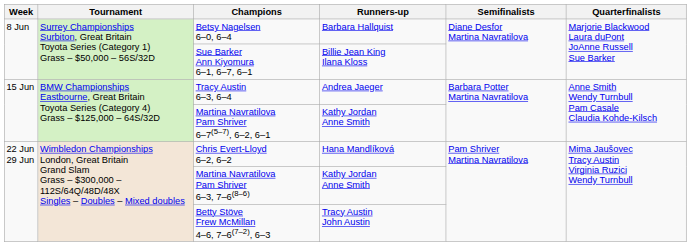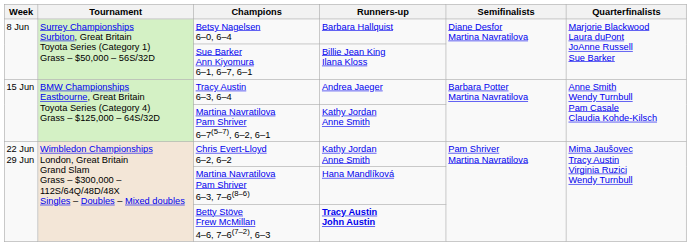 <table class=wikitable style=font-size:95%>
 <tr>
 <th style="width:48px;">Week</th>
 <th style="width:248px;">Tournament</th>
 <th style="width:200px;">Champions</th>
 <th style="width:200px;">Runners-up</th>
 <th style="width:190px;">Semifinalists</th>
 <th style="width:190px;">Quarterfinalists</th>
 </tr>
 <tr valign="top">
 <td rowspan=2>8 Jun</td>
 <td rowspan=2 bgcolor=#D4F1C5><a href='#'>Surrey Championships</a><br> <a href='#'>Surbiton</a>, Great Britain<br>Toyota Series  (Category 1)<br>Grass – $50,000 – 56S/32D</td>
 <td> <a href='#'>Betsy Nagelsen</a><br>6–0, 6–4</td>
 <td> <a href='#'>Barbara Hallquist</a></td>
 <td rowspan=2> <a href='#'>Diane Desfor</a><br> <a href='#'>Martina Navratilova</a></td>
 <td rowspan=2> <a href='#'>Marjorie Blackwood</a><br> <a href='#'>Laura duPont</a> <br>  <a href='#'>JoAnne Russell</a><br> <a href='#'>Sue Barker</a></td>
 </tr>
 <tr valign="top">
 <td> <a href='#'>Sue Barker</a><br> <a href='#'>Ann Kiyomura</a><br> 6–1, 6–7, 6–1</td>
 <td> <a href='#'>Billie Jean King</a><br> <a href='#'>Ilana Kloss</a></td>
 </tr>
 <tr valign="top">
 <td rowspan=2>15 Jun</td>
 <td rowspan=2 bgcolor=#D4F1C5><a href='#'>BMW Championships</a><br> <a href='#'>Eastbourne</a>, Great Britain<br>Toyota Series (Category 4)<br>Grass – $125,000 – 64S/32D</td>
 <td> <a href='#'>Tracy Austin</a><br>6–3, 6–4</td>
 <td> <a href='#'>Andrea Jaeger</a></td>
 <td rowspan=2> <a href='#'>Barbara Potter</a><br> <a href='#'>Martina Navratilova</a></td>
 <td rowspan=2> <a href='#'>Anne Smith</a><br> <a href='#'>Wendy Turnbull</a><br>  <a href='#'>Pam Casale</a><br> <a href='#'>Claudia Kohde-Kilsch</a></td>
 </tr>
 <tr valign="top">
 <td> <a href='#'>Martina Navratilova</a><br> <a href='#'>Pam Shriver</a><br> 6–7<sup>(5–7)</sup>, 6–2, 6–1</td>
 <td> <a href='#'>Kathy Jordan</a> <br> <a href='#'>Anne Smith</a></td>
 </tr>
 <tr valign=top>
 <td rowspan=3>22 Jun<br>29 Jun</td>
 <td rowspan=3 style="background:#F3E6D7;"><a href='#'>Wimbledon Championships</a><br> London, Great Britain<br>Grand Slam<br>Grass – $300,000 – 112S/64Q/48D/48X <br><a href='#'>Singles</a> – <a href='#'>Doubles</a> – <a href='#'>Mixed doubles</a></td>
 <td> <a href='#'>Chris Evert-Lloyd</a> <br>6–2, 6–2</td>
-<td> <a href='#'>Hana Mandlíková</a></td>
+<td> <a href='#'>Kathy Jordan</a> <br> <a href='#'>Anne Smith</a></td>
 <td rowspan=3> <a href='#'>Pam Shriver</a> <br> <a href='#'>Martina Navratilova</a></td>
 <td rowspan=3> <a href='#'>Mima Jaušovec</a> <br> <a href='#'>Tracy Austin</a><br>  <a href='#'>Virginia Ruzici</a><br> <a href='#'>Wendy Turnbull</a></td>
 </tr>
 <tr valign="top">
 <td> <a href='#'>Martina Navratilova</a><br> <a href='#'>Pam Shriver</a> <br>6–3, 7–6<sup>(8–6)</sup></td>
-<td> <a href='#'>Kathy Jordan</a> <br> <a href='#'>Anne Smith</a></td>
+<td> <a href='#'>Hana Mandlíková</a></td>
 </tr>
 <tr valign="top">
 <td> <a href='#'>Betty Stöve</a><br> <a href='#'>Frew McMillan</a> <br>4–6, 7–6<sup>(7–2)</sup>, 6–3</td>
-<td> <a href='#'>Tracy Austin</a><br> <a href='#'>John Austin</a></td>
+<td><strong> <a href='#'>Tracy Austin</a><br> <a href='#'>John Austin</a></strong></td>
 </tr>
 </table>
